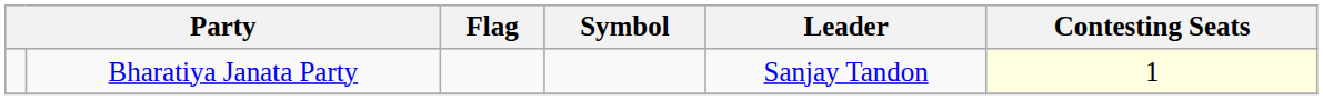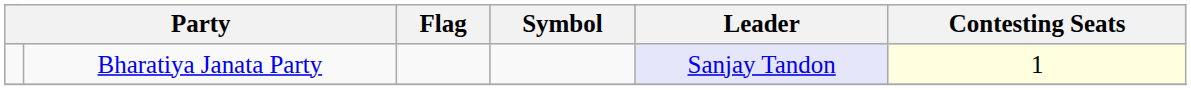 <table class="wikitable" width="60%" style="text-align:center">
 <tr>
 <th colspan="2">Party</th>
 <th>Flag</th>
 <th>Symbol</th>
 <th>Leader</th>
 <th>Contesting Seats</th>
 </tr>
 <tr>
 <td></td>
 <td><a href='#'>Bharatiya Janata Party</a></td>
 <td></td>
 <td></td>
-<td><a href='#'>Sanjay Tandon</a></td>
+<td style="background: lavender;"><a href='#'>Sanjay Tandon</a></td>
 <td style="background: lightyellow;">1</td>
 </tr>
 <tr>
 </tr>
 </table>
